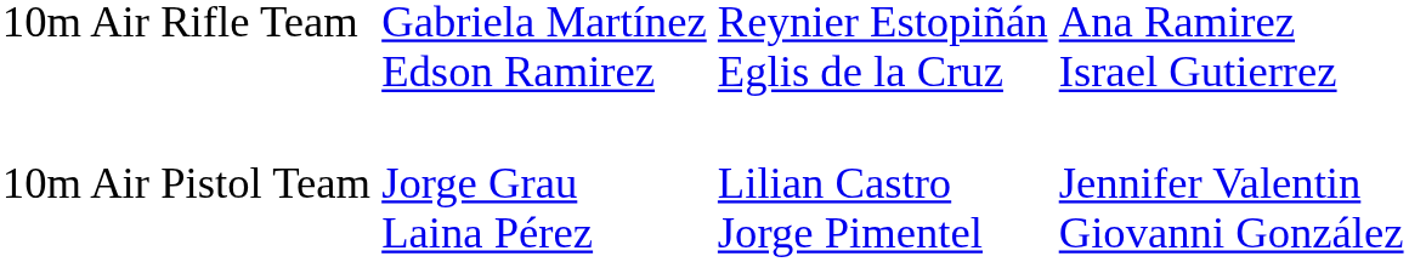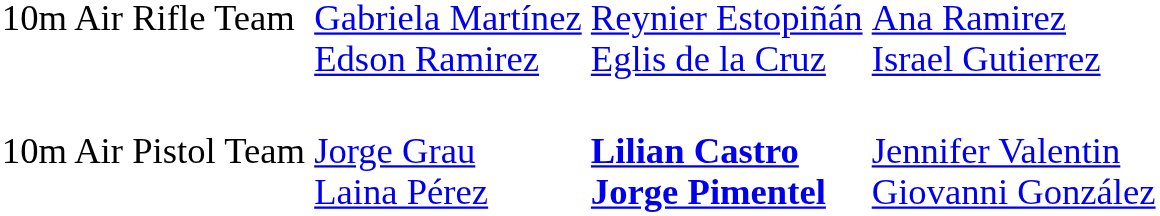 <table>
 <tr>
 <td>10m Air Rifle Team</td>
 <td><br><a href='#'>Gabriela Martínez</a><br><a href='#'>Edson Ramirez</a></td>
 <td><br><a href='#'>Reynier Estopiñán</a><br><a href='#'>Eglis de la Cruz</a></td>
 <td><br><a href='#'>Ana Ramirez</a><br><a href='#'>Israel Gutierrez</a></td>
 </tr>
 <tr>
 <td>10m Air Pistol Team</td>
 <td><br><a href='#'>Jorge Grau</a><br><a href='#'>Laina Pérez</a></td>
-<td><br><a href='#'>Lilian Castro</a><br><a href='#'>Jorge Pimentel</a></td>
+<td><strong><br><a href='#'>Lilian Castro</a><br><a href='#'>Jorge Pimentel</a></strong></td>
 <td><br><a href='#'>Jennifer Valentin</a><br><a href='#'>Giovanni González</a></td>
 </tr>
 </table>
